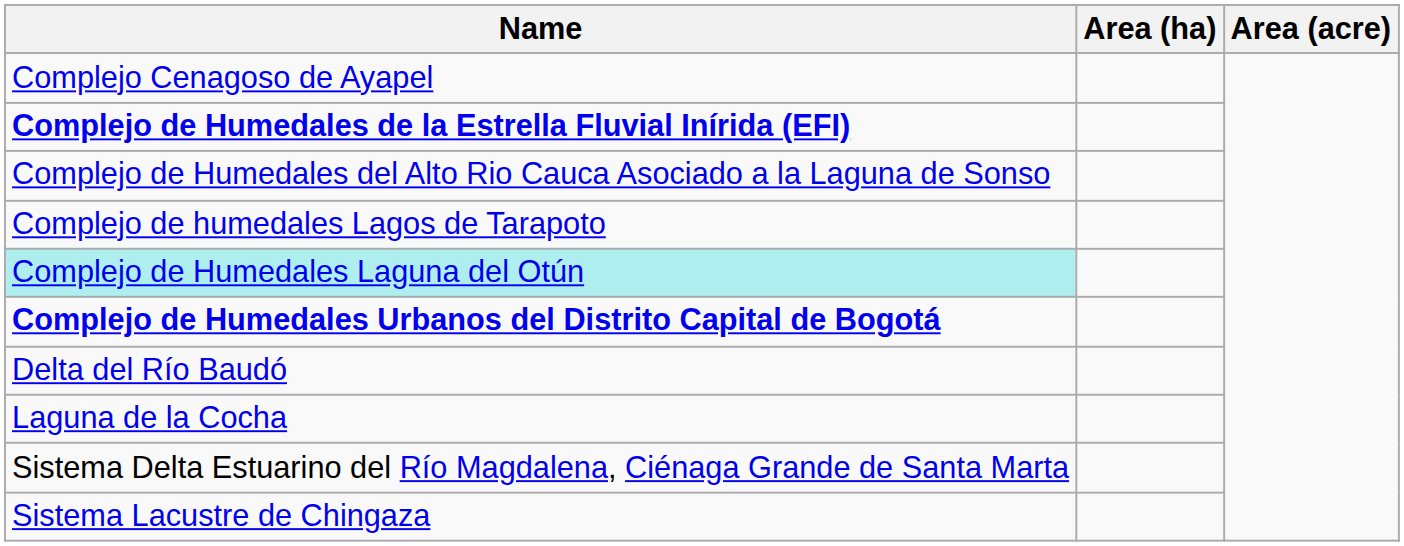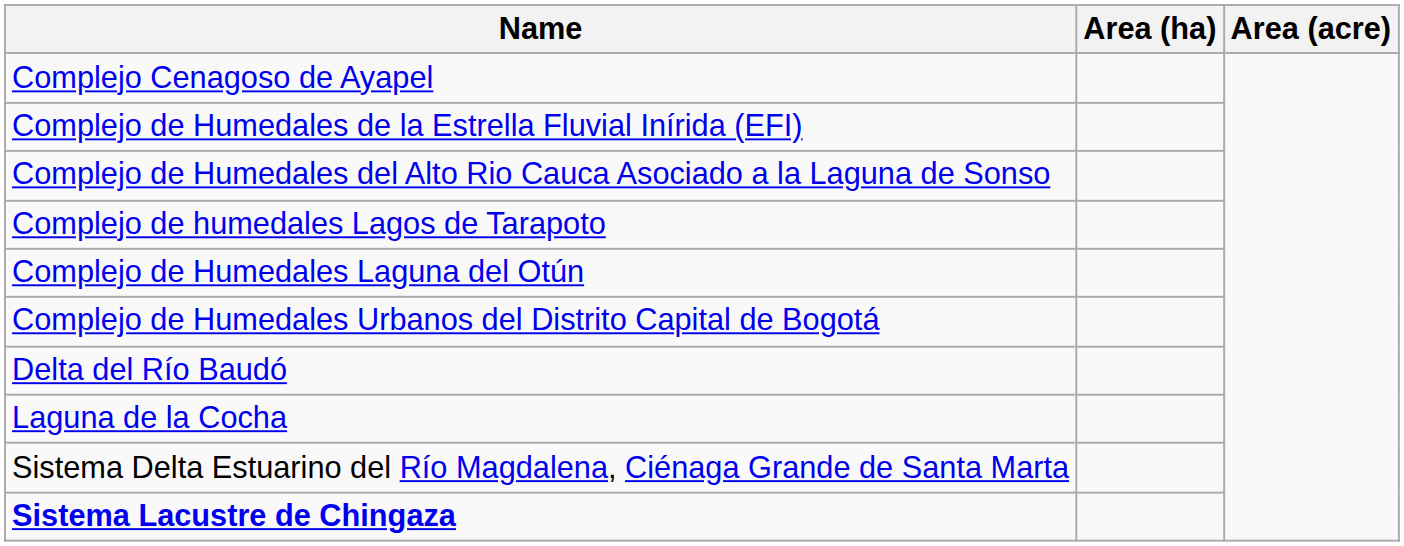 <table class="wikitable sortable">
 <tr>
 <th scope="col" align=left>Name</th>
 <th scope="col">Area (ha)</th>
 <th scope="col">Area (acre)</th>
 </tr>
 <tr ---->
 <td><a href='#'>Complejo Cenagoso de Ayapel</a></td>
 <td></td>
 </tr>
 <tr ---->
-<td><strong><a href='#'>Complejo de Humedales de la Estrella Fluvial Inírida (EFI)</a></strong></td>
+<td><a href='#'>Complejo de Humedales de la Estrella Fluvial Inírida (EFI)</a></td>
 <td></td>
 </tr>
 <tr ---->
 <td><a href='#'>Complejo de Humedales del Alto Rio Cauca Asociado a la Laguna de Sonso</a></td>
 <td></td>
 </tr>
 <tr ---->
 <td><a href='#'>Complejo de humedales Lagos de Tarapoto</a></td>
 <td></td>
 </tr>
 <tr ---->
-<td style="background: paleturquoise;"><a href='#'>Complejo de Humedales Laguna del Otún</a></td>
+<td><a href='#'>Complejo de Humedales Laguna del Otún</a></td>
 <td></td>
 </tr>
 <tr ---->
-<td><strong><a href='#'>Complejo de Humedales Urbanos del Distrito Capital de Bogotá</a></strong></td>
+<td><a href='#'>Complejo de Humedales Urbanos del Distrito Capital de Bogotá</a></td>
 <td></td>
 </tr>
 <tr ---->
 <td><a href='#'>Delta del Río Baudó</a></td>
 <td></td>
 </tr>
 <tr ---->
 <td><a href='#'>Laguna de la Cocha</a></td>
 <td></td>
 </tr>
 <tr ---->
 <td>Sistema Delta Estuarino del <a href='#'>Río Magdalena</a>, <a href='#'>Ciénaga Grande de Santa Marta</a></td>
 <td></td>
 </tr>
 <tr ---->
-<td><a href='#'>Sistema Lacustre de Chingaza</a></td>
+<td><strong><a href='#'>Sistema Lacustre de Chingaza</a></strong></td>
 <td></td>
 </tr>
 </table>
